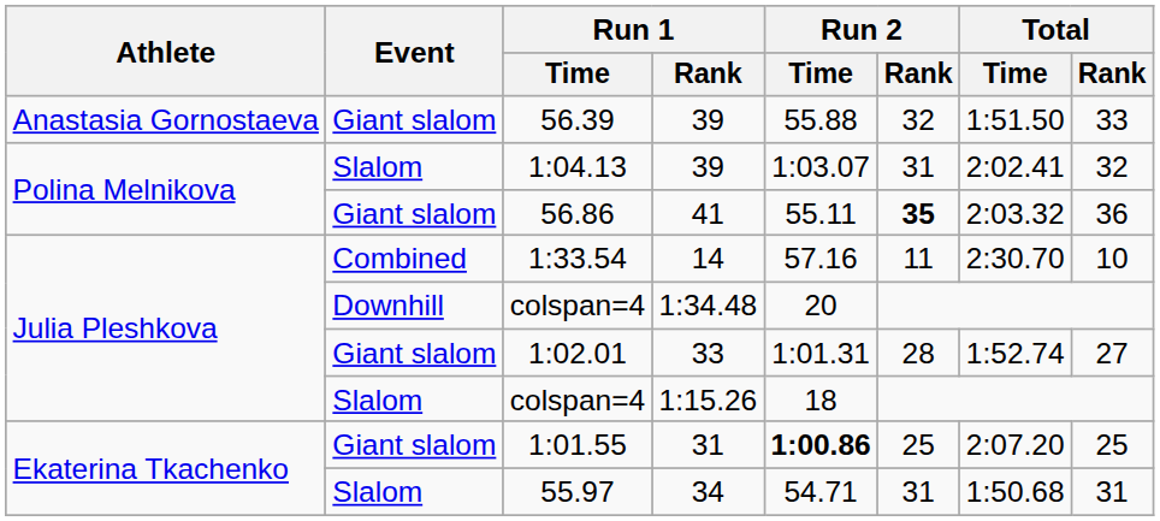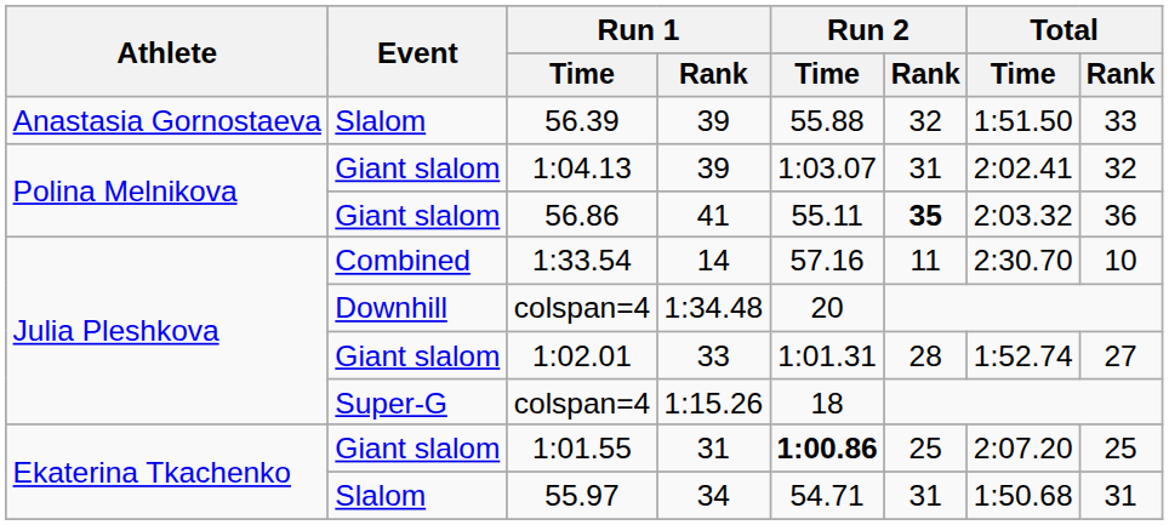 <table class=wikitable style="text-align:center; font-size:90%">
 <tr>
 <th rowspan=2>Athlete</th>
 <th rowspan=2>Event</th>
 <th colspan=2>Run 1</th>
 <th colspan=2>Run 2</th>
 <th colspan=2>Total</th>
 </tr>
 <tr style="font-size:95%">
 <th>Time</th>
 <th>Rank</th>
 <th>Time</th>
 <th>Rank</th>
 <th>Time</th>
 <th>Rank</th>
 </tr>
 <tr>
 <td align=left><a href='#'>Anastasia Gornostaeva</a></td>
-<td align=left><a href='#'>Giant slalom</a></td>
+<td align=left><a href='#'>Slalom</a></td>
 <td>56.39</td>
 <td>39</td>
 <td>55.88</td>
 <td>32</td>
 <td>1:51.50</td>
 <td>33</td>
 </tr>
 <tr>
 <td rowspan=2 align=left><a href='#'>Polina Melnikova</a></td>
-<td align=left><a href='#'>Slalom</a></td>
+<td align=left><a href='#'>Giant slalom</a></td>
 <td>1:04.13</td>
 <td>39</td>
 <td>1:03.07</td>
 <td>31</td>
 <td>2:02.41</td>
 <td>32</td>
 </tr>
 <tr>
 <td align=left><a href='#'>Giant slalom</a></td>
 <td>56.86</td>
 <td>41</td>
 <td>55.11</td>
 <td><strong>35</strong></td>
 <td>2:03.32</td>
 <td>36</td>
 </tr>
 <tr>
 <td rowspan=4 align=left><a href='#'>Julia Pleshkova</a></td>
 <td align=left><a href='#'>Combined</a></td>
 <td>1:33.54</td>
 <td>14</td>
 <td>57.16</td>
 <td>11</td>
 <td>2:30.70</td>
 <td>10</td>
 </tr>
 <tr>
 <td align=left><a href='#'>Downhill</a></td>
 <td>colspan=4 </td>
 <td>1:34.48</td>
 <td>20</td>
 </tr>
 <tr>
 <td align=left><a href='#'>Giant slalom</a></td>
 <td>1:02.01</td>
 <td>33</td>
 <td>1:01.31</td>
 <td>28</td>
 <td>1:52.74</td>
 <td>27</td>
 </tr>
 <tr>
-<td align=left><a href='#'>Slalom</a></td>
+<td align=left><a href='#'>Super-G</a></td>
 <td>colspan=4 </td>
 <td>1:15.26</td>
 <td>18</td>
 </tr>
 <tr>
 <td rowspan=2 align=left><a href='#'>Ekaterina Tkachenko</a></td>
 <td align=left><a href='#'>Giant slalom</a></td>
 <td>1:01.55</td>
 <td>31</td>
 <td><strong>1:00.86</strong></td>
 <td>25</td>
 <td>2:07.20</td>
 <td>25</td>
 </tr>
 <tr>
 <td align=left><a href='#'>Slalom</a></td>
 <td>55.97</td>
 <td>34</td>
 <td>54.71</td>
 <td>31</td>
 <td>1:50.68</td>
 <td>31</td>
 </tr>
 </table>
